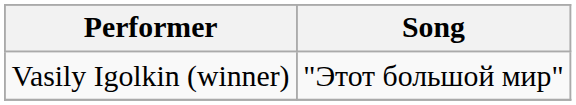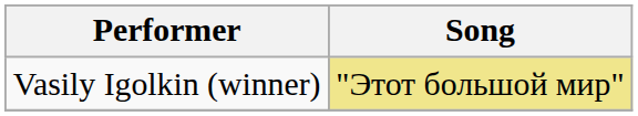 <table class="wikitable" style="text-align:center;">
 <tr>
 <th>Performer</th>
 <th>Song</th>
 </tr>
 <tr>
 <td>Vasily Igolkin (winner)</td>
-<td>"Этот большой мир"</td>
+<td style="background: khaki;">"Этот большой мир"</td>
 </tr>
 <tr>
 </tr>
 </table>
